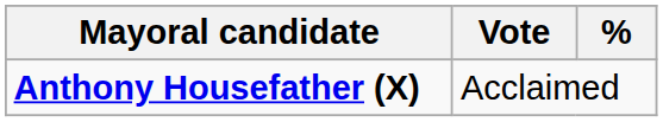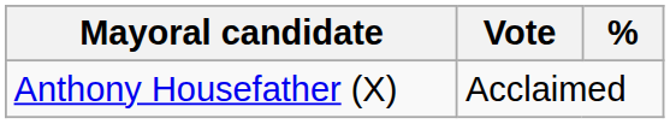 <table class="wikitable">
 <tr>
 <th bgcolor="#DDDDFF" width="200px">Mayoral candidate</th>
 <th bgcolor="#DDDDFF" width="50px">Vote</th>
 <th bgcolor="#DDDDFF"  width="30px">%</th>
 </tr>
 <tr>
-<td><strong><a href='#'>Anthony Housefather</a> (X)</strong></td>
+<td><a href='#'>Anthony Housefather</a> (X)</td>
 <td colspan="2">Acclaimed</td>
 </tr>
 </table>
